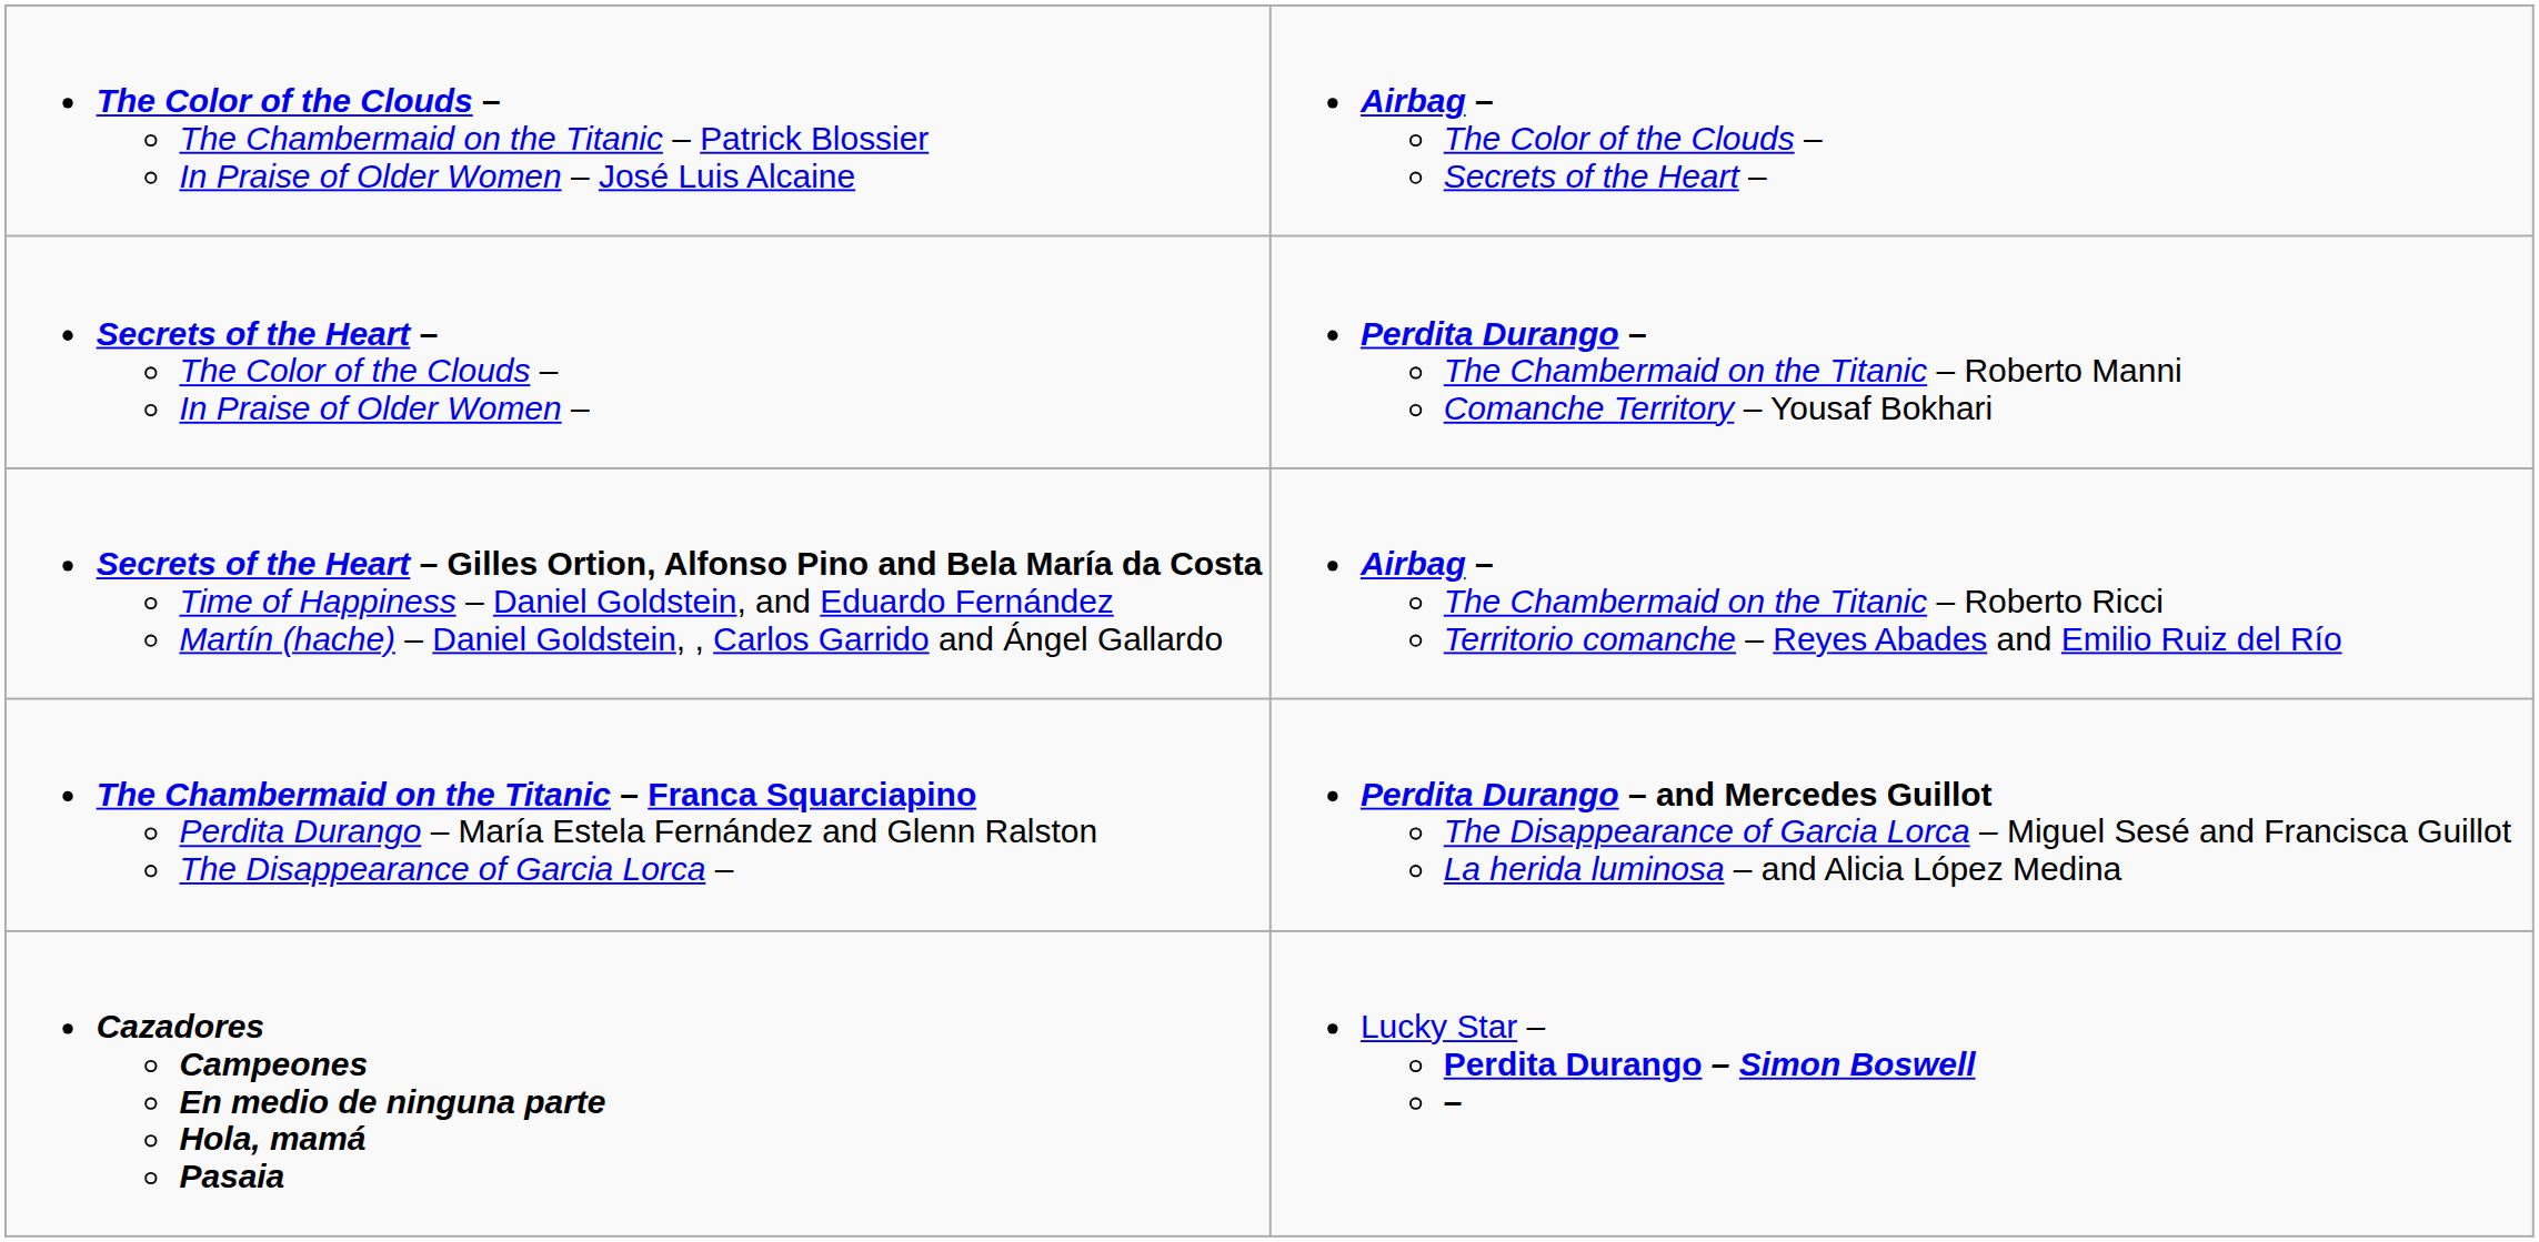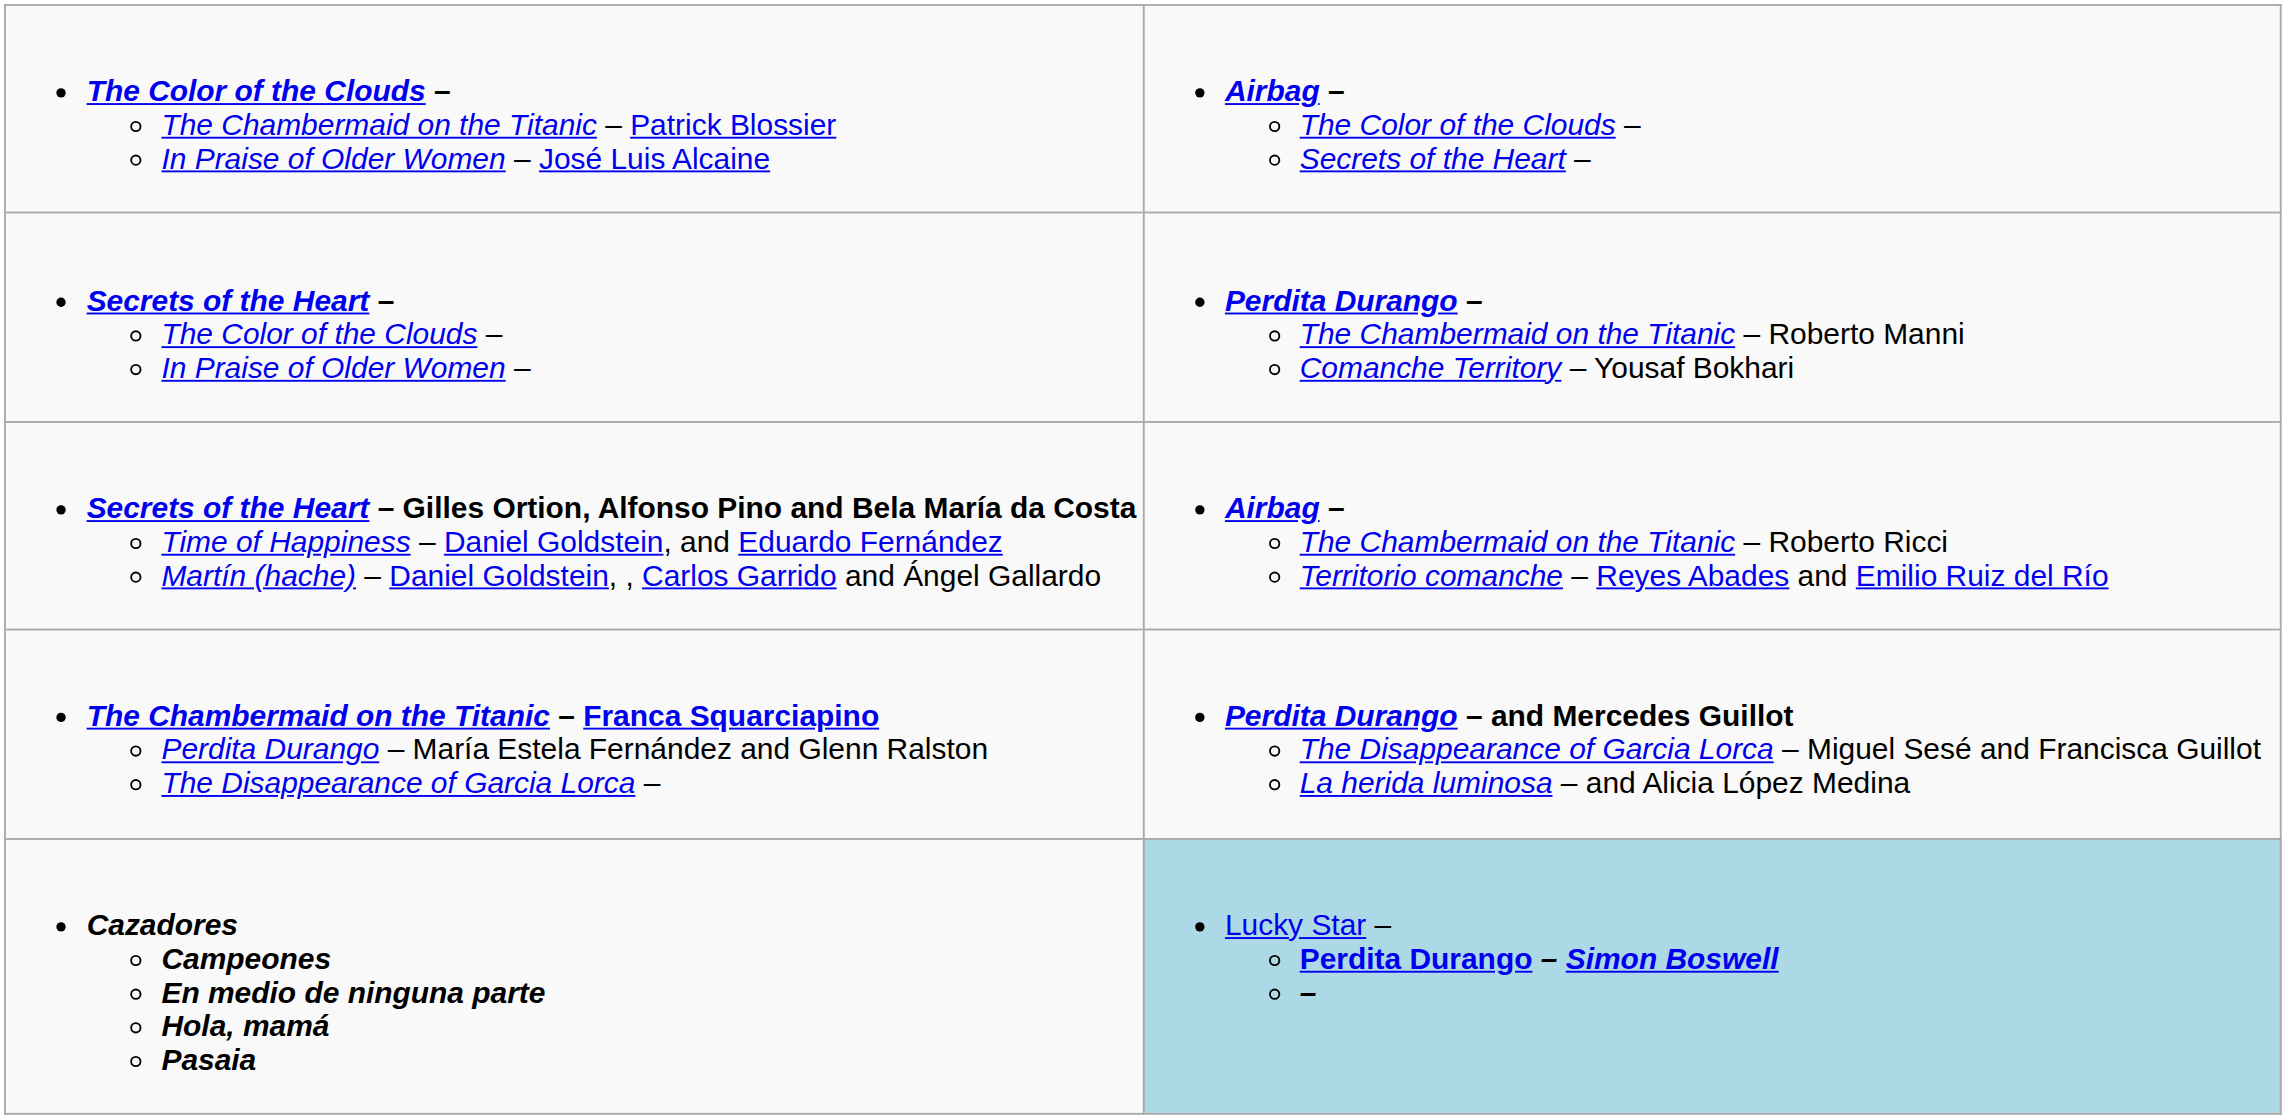 <table class=wikitable style="width=100%">
 <tr>
 <td style="vertical-align:top;" width="50%"><br><ul><li><strong> <em><a href='#'>The Color of the Clouds</a></em> – </strong><ul><li><em><a href='#'>The Chambermaid on the Titanic</a></em> – <a href='#'>Patrick Blossier</a></li><li><em><a href='#'>In Praise of Older Women</a></em> – <a href='#'>José Luis Alcaine</a></li></ul></li></ul></td>
 <td style="vertical-align:top;" width="50%"><br><ul><li><strong> <em><a href='#'>Airbag</a></em> – </strong><ul><li><em><a href='#'>The Color of the Clouds</a></em> – </li><li><em><a href='#'>Secrets of the Heart</a></em> – </li></ul></li></ul></td>
 </tr>
 <tr>
 <td style="vertical-align:top;" width="50%"><br><ul><li><strong> <em><a href='#'>Secrets of the Heart</a></em> – </strong><ul><li><em><a href='#'>The Color of the Clouds</a></em> – </li><li><em><a href='#'>In Praise of Older Women</a></em> – </li></ul></li></ul></td>
 <td style="vertical-align:top;" width="50%"><br><ul><li><strong> <em><a href='#'>Perdita Durango</a></em> – </strong><ul><li><em><a href='#'>The Chambermaid on the Titanic</a></em> – Roberto Manni</li><li><em><a href='#'>Comanche Territory</a></em> – Yousaf Bokhari</li></ul></li></ul></td>
 </tr>
 <tr>
 <td style="vertical-align:top;" width="50%"><br><ul><li><strong> <em><a href='#'>Secrets of the Heart</a></em> – Gilles Ortion, Alfonso Pino and Bela María da Costa</strong><ul><li><em><a href='#'>Time of Happiness</a></em> – <a href='#'>Daniel Goldstein</a>,  and <a href='#'>Eduardo Fernández</a></li><li><em><a href='#'>Martín (hache)</a></em> – <a href='#'>Daniel Goldstein</a>, , <a href='#'>Carlos Garrido</a> and Ángel Gallardo</li></ul></li></ul></td>
 <td style="vertical-align:top;" width="50%"><br><ul><li><strong> <em><a href='#'>Airbag</a></em> – </strong><ul><li><em><a href='#'>The Chambermaid on the Titanic</a></em> – Roberto Ricci</li><li><em><a href='#'>Territorio comanche</a></em> – <a href='#'>Reyes Abades</a> and <a href='#'>Emilio Ruiz del Río</a></li></ul></li></ul></td>
 </tr>
 <tr>
 <td style="vertical-align:top;" width="50%"><br><ul><li><strong> <em><a href='#'>The Chambermaid on the Titanic</a></em> – <a href='#'>Franca Squarciapino</a></strong><ul><li><em><a href='#'>Perdita Durango</a></em> – María Estela Fernández and Glenn Ralston</li><li><em><a href='#'>The Disappearance of Garcia Lorca</a></em> – </li></ul></li></ul></td>
 <td style="vertical-align:top;" width="50%"><br><ul><li><strong> <em><a href='#'>Perdita Durango</a></em> –  and Mercedes Guillot</strong><ul><li><em><a href='#'>The Disappearance of Garcia Lorca</a></em> – Miguel Sesé and Francisca Guillot</li><li><em><a href='#'>La herida luminosa</a></em> –  and Alicia López Medina</li></ul></li></ul></td>
 </tr>
 <tr>
 <td style="vertical-align:top;" width="50%"><br><ul><li><strong> <em>Cazadores<strong><em><ul><li></em>Campeones<em></li><li></em>En medio de ninguna parte<em></li><li></em>Hola, mamá<em></li><li></em>Pasaia<em></li></ul></li></ul></td>
-<td style="vertical-align:top;" width="50%"><br><ul><li></strong> </em><a href='#'>Lucky Star</a><em> – <strong><ul><li></em><a href='#'>Perdita Durango</a><em> – <a href='#'>Simon Boswell</a></li><li></em><em> – </li></ul></li></ul></td>
+<td style="background: lightblue; vertical-align:top;" width="50%"><br><ul><li></strong> </em><a href='#'>Lucky Star</a><em> – <strong><ul><li></em><a href='#'>Perdita Durango</a><em> – <a href='#'>Simon Boswell</a></li><li></em><em> – </li></ul></li></ul></td>
 </tr>
 </table>
